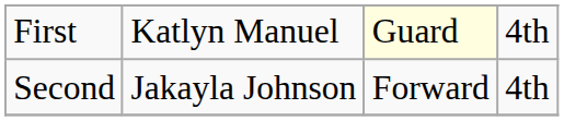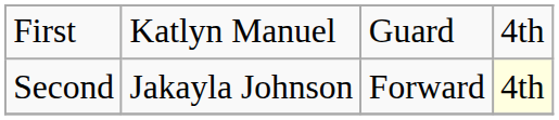 <table class="wikitable" border="1">
 <tr align=center>
 </tr>
 <tr>
 <td rowspan=1>First</td>
 <td>Katlyn Manuel</td>
-<td style="background: lightyellow;">Guard</td>
+<td>Guard</td>
 <td>4th</td>
 </tr>
 <tr>
 <td rowspan=1>Second</td>
 <td>Jakayla Johnson</td>
 <td>Forward</td>
-<td>4th</td>
+<td style="background: lightyellow;">4th</td>
 </tr>
 <tr>
 </tr>
 </table>
